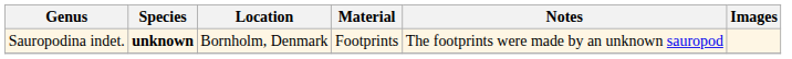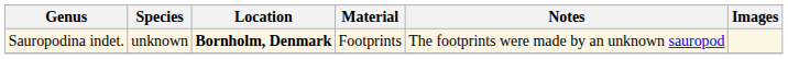 <table class="wikitable" align="center">
 <tr>
 <th>Genus</th>
 <th>Species</th>
 <th>Location</th>
 <th>Material</th>
 <th>Notes</th>
 <th>Images</th>
 </tr>
 <tr>
 <td style="background:#FEF6E4;">Sauropodina indet.</td>
-<td style="background:#FEF6E4;"><strong>unknown</strong></td>
-<td style="background:#FEF6E4;">Bornholm, Denmark</td>
+<td style="background:#FEF6E4;">unknown</td>
+<td style="background:#FEF6E4;"><strong>Bornholm, Denmark</strong></td>
 <td style="background:#FEF6E4;">Footprints</td>
 <td style="background:#FEF6E4;">The footprints were made by an unknown <a href='#'>sauropod</a></td>
 <td style="background:#FEF6E4;"></td>
 </tr>
 <tr>
 </tr>
 </table>
